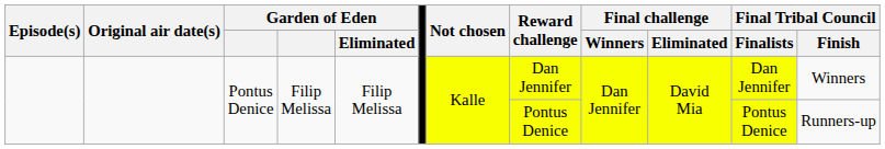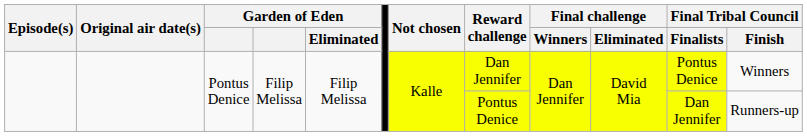 <table class="wikitable" style="margin:auto; text-align:center; white-space:nowrap">
 <tr>
 <th rowspan=2>Episode(s)</th>
 <th rowspan=2>Original air date(s)</th>
 <th colspan=3>Garden of Eden</th>
 <td rowspan="50" bgcolor="black"></td>
 <th rowspan=2>Not chosen</th>
 <th rowspan=2>Reward<br>challenge</th>
 <th colspan=2>Final challenge</th>
 <th colspan=2>Final Tribal Council</th>
 </tr>
 <tr>
 <th></th>
 <th></th>
 <th>Eliminated</th>
 <th>Winners</th>
 <th>Eliminated</th>
 <th>Finalists</th>
 <th>Finish</th>
 </tr>
 <tr>
 <td rowspan=2 align="left"></td>
 <td rowspan=2 align="left"></td>
 <td rowspan=2>Pontus<br>Denice</td>
 <td rowspan=2>Filip<br>Melissa</td>
 <td rowspan=2>Filip<br>Melissa</td>
 <td rowspan=2 bgcolor=#F8FF00>Kalle</td>
 <td bgcolor=#F8FF00>Dan<br>Jennifer</td>
 <td rowspan=2 bgcolor=#F8FF00>Dan<br>Jennifer</td>
 <td rowspan=2 bgcolor=#F8FF00>David<br>Mia</td>
-<td bgcolor=#F8FF00>Dan<br>Jennifer</td>
+<td bgcolor=#F8FF00>Pontus<br>Denice</td>
 <td>Winners</td>
 </tr>
 <tr>
 <td bgcolor=#F8FF00>Pontus<br>Denice</td>
-<td bgcolor=#F8FF00>Pontus<br>Denice</td>
+<td bgcolor=#F8FF00>Dan<br>Jennifer</td>
 <td>Runners-up</td>
 </tr>
 </table>
